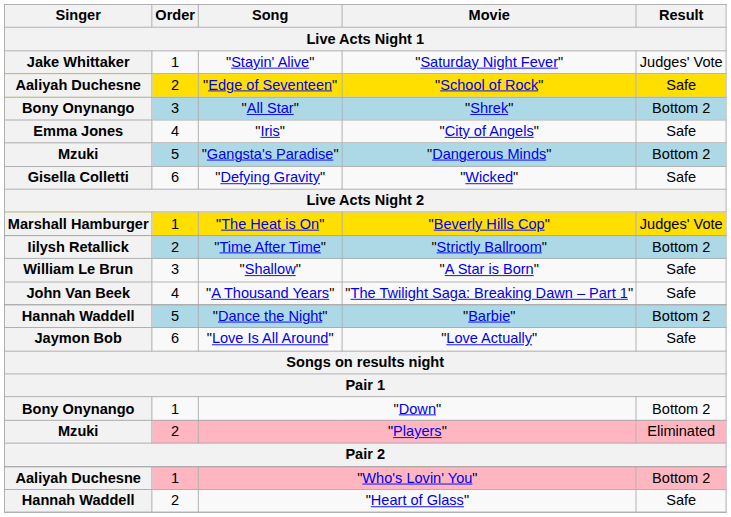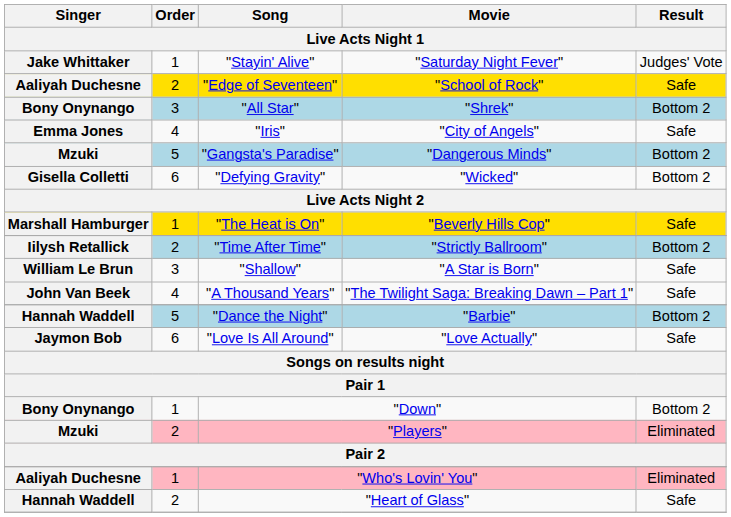 <table class="wikitable plainrowheaders" style="text-align:center;">
 <tr>
 <th scope="col">Singer</th>
 <th scope="col">Order</th>
 <th scope="col">Song</th>
 <th scope="col">Movie</th>
 <th scope="col">Result</th>
 </tr>
 <tr>
 <th colspan=5>Live Acts Night 1</th>
 </tr>
 <tr>
 <th>Jake Whittaker</th>
 <td>1</td>
 <td>"<a href='#'>Stayin' Alive</a>"</td>
 <td>"<a href='#'>Saturday Night Fever</a>"</td>
 <td>Judges' Vote</td>
 </tr>
 <tr style="background:#ffdf00">
 <th>Aaliyah Duchesne</th>
 <td>2</td>
 <td>"<a href='#'>Edge of Seventeen</a>"</td>
 <td>"<a href='#'>School of Rock</a>"</td>
 <td>Safe</td>
 </tr>
 <tr style="background:lightblue">
 <th>Bony Onynango</th>
 <td>3</td>
 <td>"<a href='#'>All Star</a>"</td>
 <td>"<a href='#'>Shrek</a>"</td>
 <td>Bottom 2</td>
 </tr>
 <tr>
 <th>Emma Jones</th>
 <td>4</td>
 <td>"<a href='#'>Iris</a>"</td>
 <td>"<a href='#'>City of Angels</a>"</td>
 <td>Safe</td>
 </tr>
 <tr style="background:lightblue">
 <th>Mzuki</th>
 <td>5</td>
 <td>"<a href='#'>Gangsta's Paradise</a>"</td>
 <td>"<a href='#'>Dangerous Minds</a>"</td>
 <td>Bottom 2</td>
 </tr>
 <tr>
 <th>Gisella Colletti</th>
 <td>6</td>
 <td>"<a href='#'>Defying Gravity</a>"</td>
 <td>"<a href='#'>Wicked</a>"</td>
-<td>Safe</td>
+<td>Bottom 2</td>
 </tr>
 <tr>
 <th colspan=5>Live Acts Night 2</th>
 </tr>
 <tr style="background:#ffdf00">
 <th>Marshall Hamburger</th>
 <td>1</td>
 <td>"<a href='#'>The Heat is On</a>"</td>
 <td>"<a href='#'>Beverly Hills Cop</a>"</td>
-<td>Judges' Vote</td>
+<td>Safe</td>
 </tr>
 <tr>
 </tr>
 <tr style="background:lightblue">
 <th>Iilysh Retallick</th>
 <td>2</td>
 <td>"<a href='#'>Time After Time</a>"</td>
 <td>"<a href='#'>Strictly Ballroom</a>"</td>
 <td>Bottom 2</td>
 </tr>
 <tr>
 <th>William Le Brun</th>
 <td>3</td>
 <td>"<a href='#'>Shallow</a>"</td>
 <td>"<a href='#'>A Star is Born</a>"</td>
 <td>Safe</td>
 </tr>
 <tr>
 <th>John Van Beek</th>
 <td>4</td>
 <td>"<a href='#'>A Thousand Years</a>"</td>
 <td>"<a href='#'>The Twilight Saga: Breaking Dawn – Part 1</a>"</td>
 <td>Safe</td>
 </tr>
 <tr>
 </tr>
 <tr style="background:lightblue">
 <th>Hannah Waddell</th>
 <td>5</td>
 <td>"<a href='#'>Dance the Night</a>"</td>
 <td>"<a href='#'>Barbie</a>"</td>
 <td>Bottom 2</td>
 </tr>
 <tr>
 <th>Jaymon Bob</th>
 <td>6</td>
 <td>"<a href='#'>Love Is All Around</a>"</td>
 <td>"<a href='#'>Love Actually</a>"</td>
 <td>Safe</td>
 </tr>
 <tr>
 <th colspan="5">Songs on results night</th>
 </tr>
 <tr>
 <th colspan="5">Pair 1</th>
 </tr>
 <tr>
 <th>Bony Onynango</th>
 <td>1</td>
 <td colspan=2>"<a href='#'>Down</a>"</td>
 <td>Bottom 2</td>
 </tr>
 <tr style="background:lightpink">
 <th>Mzuki</th>
 <td>2</td>
 <td colspan=2>"<a href='#'>Players</a>"</td>
 <td>Eliminated</td>
 </tr>
 <tr>
 <th colspan="5">Pair 2</th>
 </tr>
 <tr>
 </tr>
 <tr style="background:lightpink">
 <th>Aaliyah Duchesne</th>
 <td>1</td>
 <td colspan=2>"<a href='#'>Who's Lovin' You</a>"</td>
-<td>Bottom 2</td>
+<td>Eliminated</td>
 </tr>
 <tr>
 <th>Hannah Waddell</th>
 <td>2</td>
 <td colspan=2>"<a href='#'>Heart of Glass</a>"</td>
 <td>Safe</td>
 </tr>
 <tr>
 </tr>
 </table>
